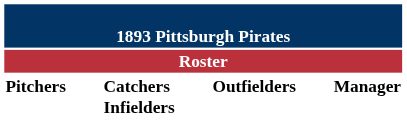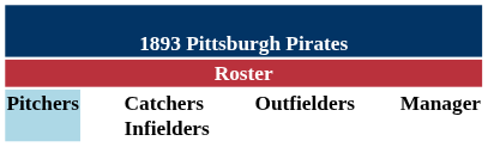 <table class="toccolours" style="font-size: 95%;">
 <tr>
 <th colspan="10" style="background-color: #023465; color: #FFFFFF; text-align: center;"><br>1893 Pittsburgh Pirates</th>
 </tr>
 <tr>
 <td colspan="10" style="background-color: #ba313c; color: white; text-align: center;"><strong>Roster</strong></td>
 </tr>
 <tr>
-<td valign="top"><strong>Pitchers</strong><br>      </td>
+<td valign="top" style="background: lightblue;"><strong>Pitchers</strong><br>      </td>
 <td width="25px"></td>
 <td valign="top"><strong>Catchers</strong><br>   <strong>Infielders</strong>       </td>
 <td width="25px"></td>
 <td valign="top"><strong>Outfielders</strong><br>    </td>
 <td width="25px"></td>
 <td valign="top"><strong>Manager</strong><br></td>
 </tr>
 </table>
